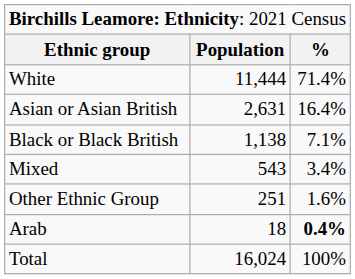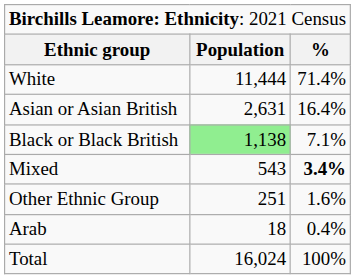 <table class="wikitable">
 <tr>
 <td colspan="14" style="text-align:right;"><strong>Birchills Leamore: Ethnicity</strong>: 2021 Census</td>
 </tr>
 <tr>
 <th>Ethnic group</th>
 <th>Population</th>
 <th>%</th>
 </tr>
 <tr>
 <td>White</td>
 <td style="text-align:right;">11,444</td>
 <td style="text-align:right;">71.4%</td>
 </tr>
 <tr>
 <td>Asian or Asian British</td>
 <td style="text-align:right;">2,631</td>
 <td style="text-align:right;">16.4%</td>
 </tr>
 <tr>
 <td>Black or Black British</td>
-<td style="text-align:right;">1,138</td>
+<td style="background: lightgreen; text-align:right;">1,138</td>
 <td style="text-align:right;">7.1%</td>
 </tr>
 <tr>
 <td>Mixed</td>
 <td style="text-align:right;">543</td>
-<td style="text-align:right;">3.4%</td>
+<td style="text-align:right;"><strong>3.4%</strong></td>
 </tr>
 <tr>
 <td>Other Ethnic Group</td>
 <td style="text-align:right;">251</td>
 <td style="text-align:right;">1.6%</td>
 </tr>
 <tr>
 <td>Arab</td>
 <td style="text-align:right;">18</td>
-<td style="text-align:right;"><strong>0.4%</strong></td>
+<td style="text-align:right;">0.4%</td>
 </tr>
 <tr>
 <td>Total</td>
 <td style="text-align:right;">16,024</td>
 <td style="text-align:right;">100%</td>
 </tr>
 </table>
